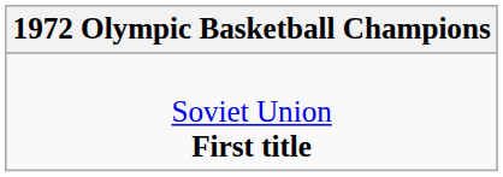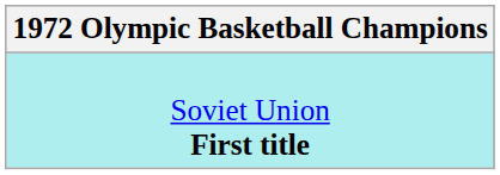 <table class=wikitable style="text-align:center">
 <tr>
 <th>1972 Olympic Basketball Champions</th>
 </tr>
 <tr>
-<td> <br> <a href='#'>Soviet Union</a> <br> <strong>First title</strong></td>
+<td style="background: paleturquoise;"> <br> <a href='#'>Soviet Union</a> <br> <strong>First title</strong></td>
 </tr>
 </table>
